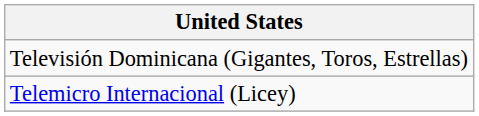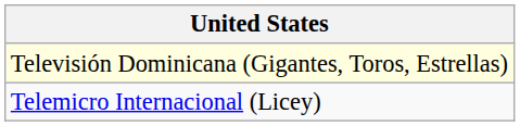 <table class="wikitable" style="text-align:left;">
 <tr>
 <th>United States</th>
 </tr>
 <tr>
-<td>Televisión Dominicana (Gigantes, Toros, Estrellas)</td>
+<td style="background: lightyellow;">Televisión Dominicana (Gigantes, Toros, Estrellas)</td>
 </tr>
 <tr>
 <td><a href='#'>Telemicro Internacional</a> (Licey)</td>
 </tr>
 </table>
